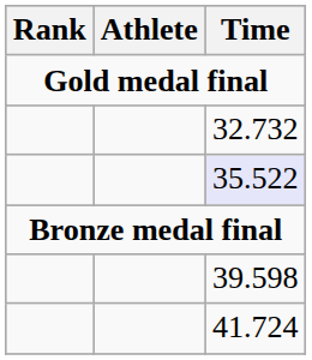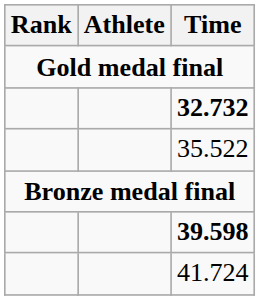 <table class="wikitable sortable" style="text-align:center">
 <tr>
 <th>Rank</th>
 <th>Athlete</th>
 <th>Time</th>
 </tr>
 <tr>
 <td colspan=7><strong>Gold medal final</strong></td>
 </tr>
 <tr>
 <td></td>
 <td align="left"></td>
-<td>32.732</td>
+<td><strong>32.732</strong></td>
 </tr>
 <tr>
 <td></td>
 <td align="left"></td>
-<td style="background: lavender;">35.522</td>
+<td>35.522</td>
 </tr>
 <tr>
 <td colspan=7><strong>Bronze medal final</strong></td>
 </tr>
 <tr>
 <td></td>
 <td align="left"></td>
-<td>39.598</td>
+<td><strong>39.598</strong></td>
 </tr>
 <tr>
 <td></td>
 <td align="left"></td>
 <td>41.724</td>
 </tr>
 </table>
